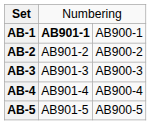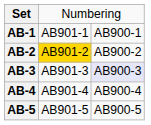 <table class="wikitable">
 <tr>
 <th>Set</th>
 <td colspan="2" style="text-align: center;">Numbering</td>
 </tr>
 <tr>
 <th>AB-1</th>
-<td><strong>AB901-1</strong></td>
+<td>AB901-1</td>
 <td>AB900-1</td>
 </tr>
 <tr>
 <th>AB-2</th>
-<td>AB901-2</td>
+<td style="background: gold;">AB901-2</td>
 <td>AB900-2</td>
 </tr>
 <tr>
 <th>AB-3</th>
 <td>AB901-3</td>
-<td>AB900-3</td>
+<td style="background: lavender;">AB900-3</td>
 </tr>
 <tr>
 <th>AB-4</th>
 <td>AB901-4</td>
 <td>AB900-4</td>
 </tr>
 <tr>
 <th>AB-5</th>
 <td>AB901-5</td>
 <td>AB900-5</td>
 </tr>
 </table>
